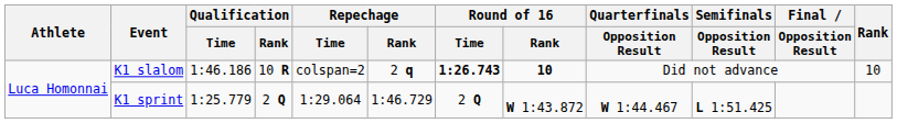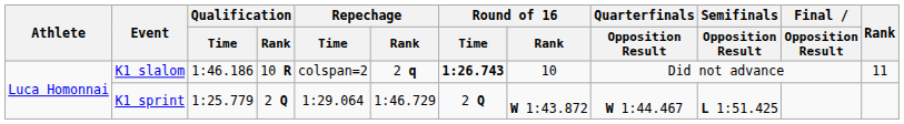 <table class="wikitable" style="font-size:90%;">
 <tr>
 <th rowspan=2>Athlete</th>
 <th rowspan=2>Event</th>
 <th colspan=2>Qualification</th>
 <th colspan=2>Repechage</th>
 <th colspan=2>Round of 16</th>
 <th>Quarterfinals</th>
 <th>Semifinals</th>
 <th>Final / </th>
 <th rowspan=2>Rank</th>
 </tr>
 <tr style="font-size:95%">
 <th>Time</th>
 <th>Rank</th>
 <th>Time</th>
 <th>Rank</th>
 <th>Time</th>
 <th>Rank</th>
 <th>Opposition <br>Result</th>
 <th>Opposition <br>Result</th>
 <th>Opposition <br>Result</th>
 </tr>
 <tr align=center>
 <td rowspan=2 align=left><a href='#'>Luca Homonnai</a></td>
 <td align=left><a href='#'>K1 slalom</a></td>
 <td>1:46.186</td>
 <td>10 <strong>R</strong></td>
 <td>colspan=2 </td>
 <td>2 <strong>q</strong></td>
 <td><strong>1:26.743</strong></td>
-<td><strong>10</strong></td>
+<td>10</td>
 <td colspan=3>Did not advance</td>
-<td>10</td>
+<td>11</td>
 </tr>
 <tr align=center>
 <td align=left><a href='#'>K1 sprint</a></td>
 <td>1:25.779</td>
 <td>2 <strong>Q</strong></td>
 <td>1:29.064</td>
 <td>1:46.729</td>
 <td>2 <strong>Q</strong></td>
 <td><br><strong>W</strong> 1:43.872</td>
 <td><br><strong>W</strong> 1:44.467</td>
 <td><br><strong>L</strong> 1:51.425</td>
 <td></td>
 </tr>
 </table>
